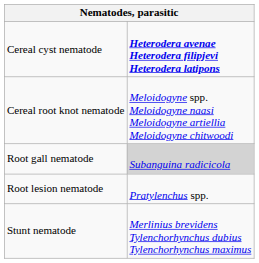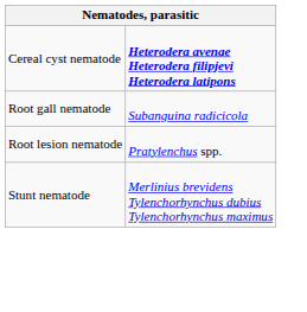 <table class="wikitable">
 <tr>
 <th colspan=2><strong>Nematodes, parasitic</strong><br></th>
 </tr>
 <tr>
 <td>Cereal cyst nematode</td>
 <td><strong><br><em><a href='#'>Heterodera avenae</a></em><br> <em><a href='#'>Heterodera filipjevi</a></em><br> <em><a href='#'>Heterodera latipons</a></em></strong></td>
 </tr>
 <tr>
-<td>Cereal root knot nematode</td>
-<td><br><em><a href='#'>Meloidogyne</a></em> spp. <br> <em><a href='#'>Meloidogyne naasi</a></em><br> <em><a href='#'>Meloidogyne artiellia</a></em><br> <em><a href='#'>Meloidogyne chitwoodi</a></em><br></td>
-</tr>
-<tr>
 <td>Root gall nematode</td>
-<td style="background: lightgrey;"><br><em><a href='#'>Subanguina radicicola</a></em></td>
+<td><br><em><a href='#'>Subanguina radicicola</a></em></td>
 </tr>
 <tr>
 <td>Root lesion nematode</td>
 <td><br><em><a href='#'>Pratylenchus</a></em> spp.</td>
 </tr>
 <tr>
 <td>Stunt nematode</td>
 <td><br><em><a href='#'>Merlinius brevidens</a></em><br> <em><a href='#'>Tylenchorhynchus dubius</a></em><br> <em><a href='#'>Tylenchorhynchus maximus</a></em><br></td>
 </tr>
 </table>
